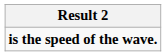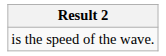 <table class="wikitable" style="margin: auto">
 <tr>
 <th>Result 2</th>
 </tr>
 <tr>
-<td><strong> is the speed of the wave.</strong></td>
+<td> is the speed of the wave.</td>
 </tr>
 </table>
